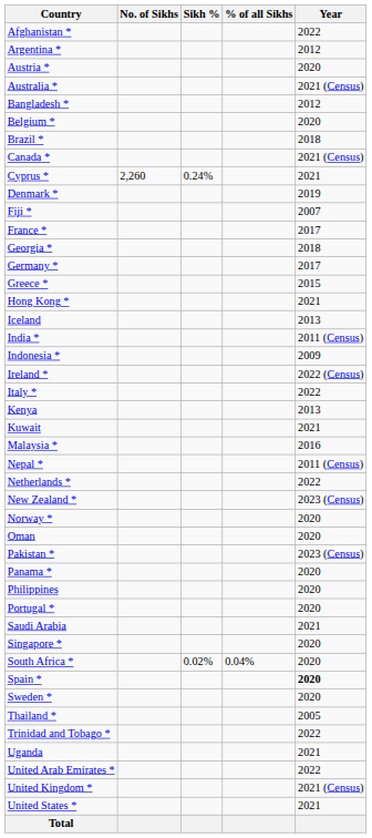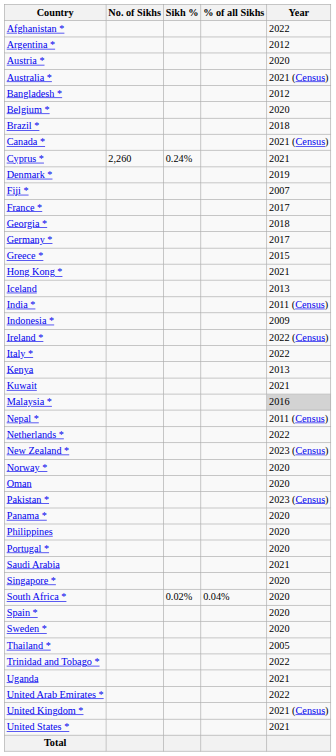 <table class="wikitable sortable col2right col3center col4right">
 <tr>
 <th>Country</th>
 <th>No. of Sikhs</th>
 <th>Sikh %</th>
 <th>% of all Sikhs</th>
 <th>Year</th>
 </tr>
 <tr>
 <td> <a href='#'>Afghanistan *</a></td>
 <td></td>
 <td></td>
 <td></td>
 <td>2022</td>
 </tr>
 <tr>
 <td> <a href='#'>Argentina *</a></td>
 <td></td>
 <td></td>
 <td></td>
 <td>2012</td>
 </tr>
 <tr>
 <td> <a href='#'>Austria *</a></td>
 <td></td>
 <td></td>
 <td></td>
 <td>2020</td>
 </tr>
 <tr>
 <td> <a href='#'>Australia *</a></td>
 <td></td>
 <td></td>
 <td></td>
 <td>2021 (<a href='#'>Census</a>)</td>
 </tr>
 <tr>
 <td> <a href='#'>Bangladesh *</a></td>
 <td></td>
 <td></td>
 <td></td>
 <td>2012</td>
 </tr>
 <tr>
 <td> <a href='#'>Belgium *</a></td>
 <td></td>
 <td></td>
 <td></td>
 <td>2020</td>
 </tr>
 <tr>
 <td> <a href='#'>Brazil *</a></td>
 <td></td>
 <td></td>
 <td></td>
 <td>2018</td>
 </tr>
 <tr>
 <td> <a href='#'>Canada *</a></td>
 <td></td>
 <td></td>
 <td></td>
 <td>2021 (<a href='#'>Census</a>)</td>
 </tr>
 <tr>
 <td> <a href='#'>Cyprus *</a></td>
 <td>2,260</td>
 <td>0.24%</td>
 <td></td>
 <td>2021</td>
 </tr>
 <tr>
 <td> <a href='#'>Denmark *</a></td>
 <td></td>
 <td></td>
 <td></td>
 <td>2019</td>
 </tr>
 <tr>
 <td> <a href='#'>Fiji *</a></td>
 <td></td>
 <td></td>
 <td></td>
 <td>2007</td>
 </tr>
 <tr>
 <td> <a href='#'>France *</a></td>
 <td></td>
 <td></td>
 <td></td>
 <td>2017</td>
 </tr>
 <tr>
 <td> <a href='#'>Georgia *</a></td>
 <td></td>
 <td></td>
 <td></td>
 <td>2018</td>
 </tr>
 <tr>
 <td> <a href='#'>Germany *</a></td>
 <td></td>
 <td></td>
 <td></td>
 <td>2017</td>
 </tr>
 <tr>
 <td> <a href='#'>Greece *</a></td>
 <td></td>
 <td></td>
 <td></td>
 <td>2015</td>
 </tr>
 <tr>
 <td> <a href='#'>Hong Kong *</a></td>
 <td></td>
 <td></td>
 <td></td>
 <td>2021</td>
 </tr>
 <tr>
 <td> <a href='#'>Iceland</a></td>
 <td></td>
 <td></td>
 <td></td>
 <td>2013</td>
 </tr>
 <tr>
 <td> <a href='#'>India *</a></td>
 <td></td>
 <td></td>
 <td></td>
 <td>2011 (<a href='#'>Census</a>)</td>
 </tr>
 <tr>
 <td> <a href='#'>Indonesia *</a></td>
 <td></td>
 <td></td>
 <td></td>
 <td>2009</td>
 </tr>
 <tr>
 <td> <a href='#'>Ireland *</a></td>
 <td></td>
 <td></td>
 <td></td>
 <td>2022 (<a href='#'>Census</a>)</td>
 </tr>
 <tr>
 <td> <a href='#'>Italy *</a></td>
 <td></td>
 <td></td>
 <td></td>
 <td>2022</td>
 </tr>
 <tr>
 <td> <a href='#'>Kenya</a></td>
 <td></td>
 <td></td>
 <td></td>
 <td>2013</td>
 </tr>
 <tr>
 <td> <a href='#'>Kuwait</a></td>
 <td></td>
 <td></td>
 <td></td>
 <td>2021</td>
 </tr>
 <tr>
 <td> <a href='#'>Malaysia *</a></td>
 <td></td>
 <td></td>
 <td></td>
-<td>2016</td>
+<td style="background: lightgrey;">2016</td>
 </tr>
 <tr>
 <td> <a href='#'>Nepal *</a></td>
 <td></td>
 <td></td>
 <td></td>
 <td>2011 (<a href='#'>Census</a>)</td>
 </tr>
 <tr>
 <td> <a href='#'>Netherlands *</a></td>
 <td></td>
 <td></td>
 <td></td>
 <td>2022</td>
 </tr>
 <tr>
 <td> <a href='#'>New Zealand *</a></td>
 <td></td>
 <td></td>
 <td></td>
 <td>2023 (<a href='#'>Census</a>)</td>
 </tr>
 <tr>
 <td> <a href='#'>Norway *</a></td>
 <td></td>
 <td></td>
 <td></td>
 <td>2020</td>
 </tr>
 <tr>
 <td> <a href='#'>Oman</a></td>
 <td></td>
 <td></td>
 <td></td>
 <td>2020</td>
 </tr>
 <tr>
 <td> <a href='#'>Pakistan *</a></td>
 <td></td>
 <td></td>
 <td></td>
 <td>2023 (<a href='#'>Census</a>)</td>
 </tr>
 <tr>
 <td> <a href='#'>Panama *</a></td>
 <td></td>
 <td></td>
 <td></td>
 <td>2020</td>
 </tr>
 <tr>
 <td> <a href='#'>Philippines</a></td>
 <td></td>
 <td></td>
 <td></td>
 <td>2020</td>
 </tr>
 <tr>
 <td> <a href='#'>Portugal *</a></td>
 <td></td>
 <td></td>
 <td></td>
 <td>2020</td>
 </tr>
 <tr>
 <td> <a href='#'>Saudi Arabia</a></td>
 <td></td>
 <td></td>
 <td></td>
 <td>2021</td>
 </tr>
 <tr>
 <td> <a href='#'>Singapore *</a></td>
 <td></td>
 <td></td>
 <td></td>
 <td>2020</td>
 </tr>
 <tr>
 <td> <a href='#'>South Africa *</a></td>
 <td></td>
 <td>0.02%</td>
 <td>0.04%</td>
 <td>2020</td>
 </tr>
 <tr>
 <td> <a href='#'>Spain *</a></td>
 <td></td>
 <td></td>
 <td></td>
-<td><strong>2020</strong></td>
+<td>2020</td>
 </tr>
 <tr>
 <td> <a href='#'>Sweden *</a></td>
 <td></td>
 <td></td>
 <td></td>
 <td>2020</td>
 </tr>
 <tr>
 <td> <a href='#'>Thailand *</a></td>
 <td></td>
 <td></td>
 <td></td>
 <td>2005</td>
 </tr>
 <tr>
 <td> <a href='#'>Trinidad and Tobago *</a></td>
 <td></td>
 <td></td>
 <td></td>
 <td>2022</td>
 </tr>
 <tr>
 <td> <a href='#'>Uganda</a></td>
 <td></td>
 <td></td>
 <td></td>
 <td>2021</td>
 </tr>
 <tr>
 <td> <a href='#'>United Arab Emirates *</a></td>
 <td></td>
 <td></td>
 <td></td>
 <td>2022</td>
 </tr>
 <tr>
 <td> <a href='#'>United Kingdom *</a></td>
 <td></td>
 <td></td>
 <td></td>
 <td>2021 (<a href='#'>Census</a>)</td>
 </tr>
 <tr>
 <td> <a href='#'>United States *</a></td>
 <td></td>
 <td></td>
 <td></td>
 <td>2021</td>
 </tr>
 <tr>
 <th>Total</th>
 <th></th>
 <th></th>
 <th></th>
 <th></th>
 </tr>
 </table>
